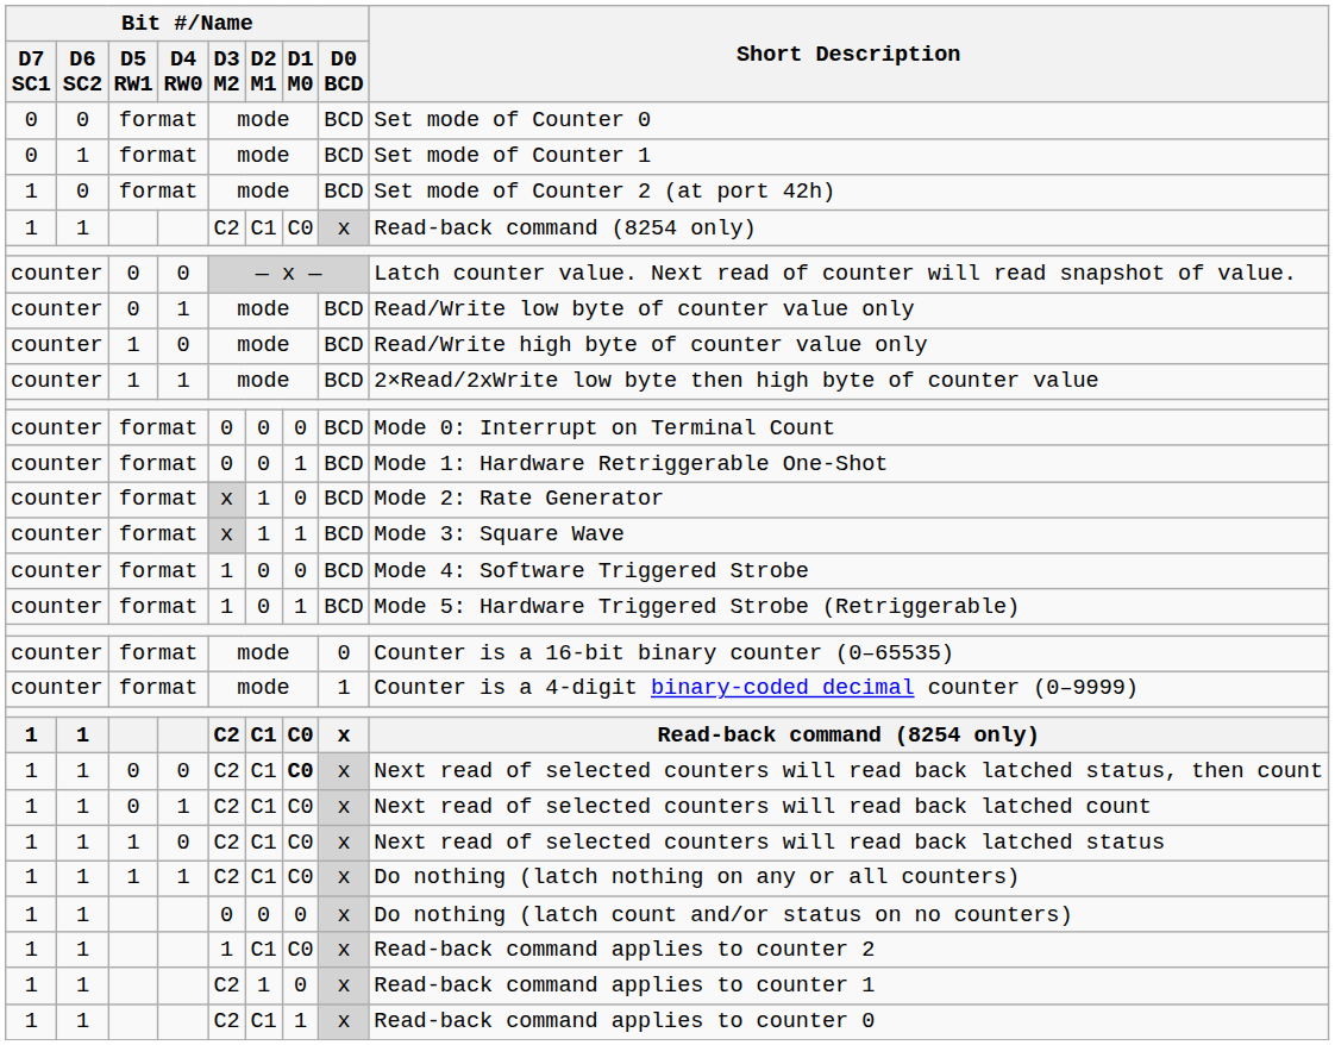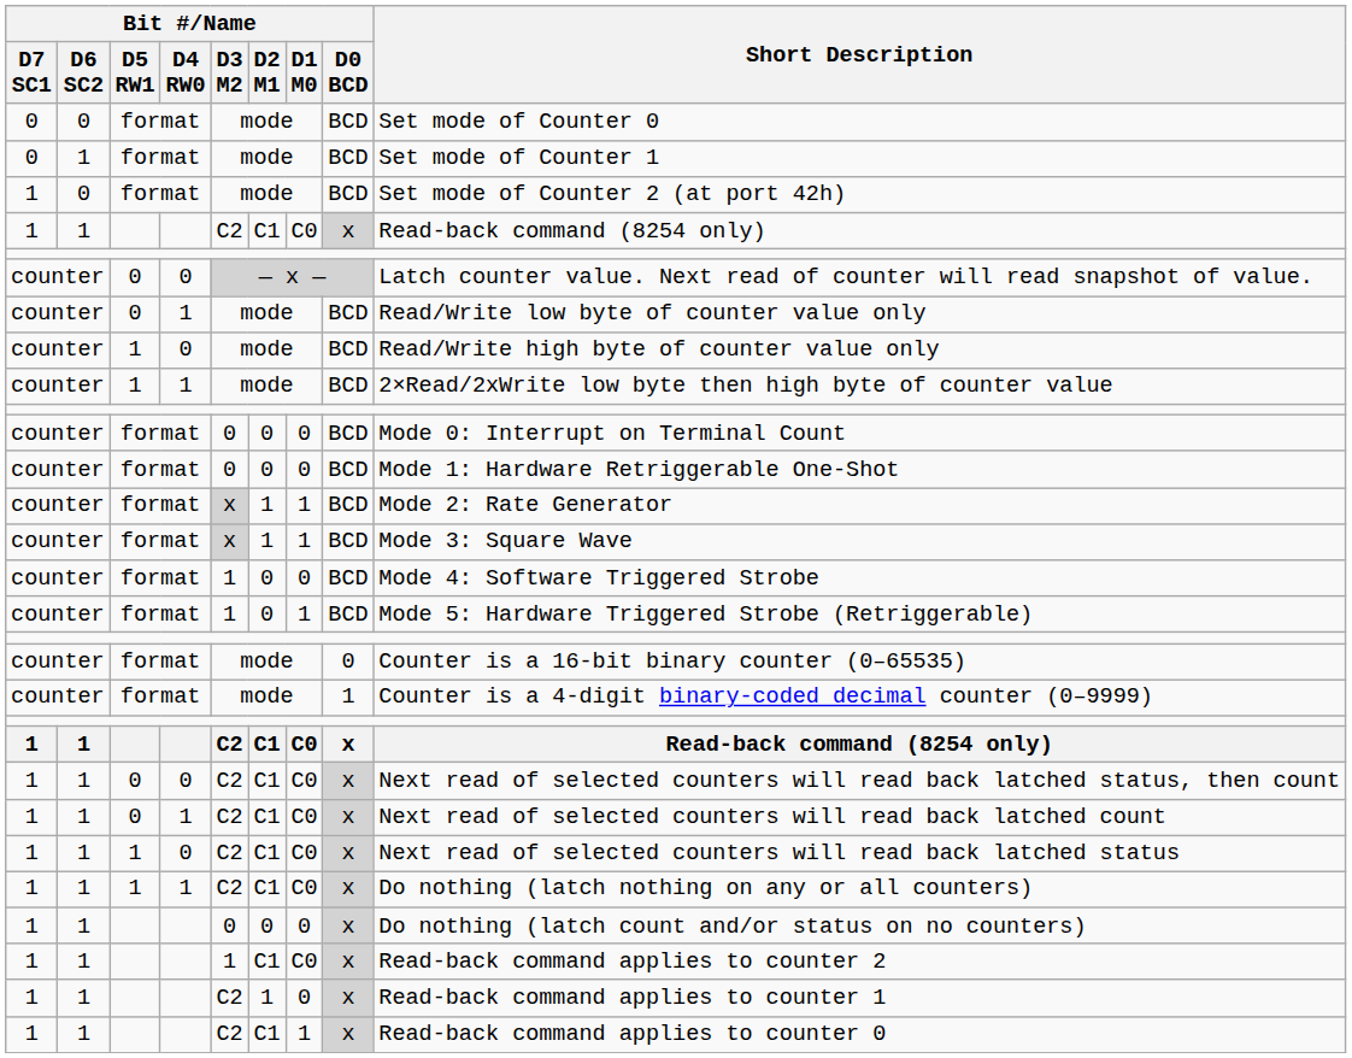 <table class="wikitable" style="text-align: center;">
 <tr>
 <th colspan=8>Bit #/Name</th>
 <th rowspan=2>Short Description</th>
 </tr>
 <tr>
 <th>D7<br>SC1</th>
 <th>D6<br>SC2</th>
 <th>D5<br>RW1</th>
 <th>D4<br>RW0</th>
 <th>D3<br>M2</th>
 <th>D2<br>M1</th>
 <th>D1<br>M0</th>
 <th>D0<br>BCD</th>
 </tr>
 <tr>
 <td>0</td>
 <td>0</td>
 <td colspan=2>format</td>
 <td colspan=3>mode</td>
 <td align=center>BCD</td>
 <td align=left>Set mode of Counter 0</td>
 </tr>
 <tr>
 <td>0</td>
 <td>1</td>
 <td colspan=2>format</td>
 <td colspan=3>mode</td>
 <td align=center>BCD</td>
 <td align=left>Set mode of Counter 1</td>
 </tr>
 <tr>
 <td>1</td>
 <td>0</td>
 <td colspan=2>format</td>
 <td colspan=3>mode</td>
 <td>BCD</td>
 <td align=left>Set mode of Counter 2 (at port 42h)</td>
 </tr>
 <tr>
 <td>1</td>
 <td>1</td>
 <td></td>
 <td></td>
 <td>C2</td>
 <td>C1</td>
 <td>C0</td>
 <td bgcolor=lightgrey>x</td>
 <td align=left>Read-back command (8254 only)</td>
 </tr>
 <tr>
 <td colspan=9></td>
 </tr>
 <tr>
 <td colspan=2>counter</td>
 <td>0</td>
 <td>0</td>
 <td colspan=4 bgcolor=lightgrey>— x —</td>
 <td align=left>Latch counter value.  Next read of counter will read snapshot of value.</td>
 </tr>
 <tr>
 <td colspan=2>counter</td>
 <td>0</td>
 <td>1</td>
 <td colspan=3>mode</td>
 <td>BCD</td>
 <td align=left>Read/Write low byte of counter value only</td>
 </tr>
 <tr>
 <td colspan=2>counter</td>
 <td>1</td>
 <td>0</td>
 <td colspan=3>mode</td>
 <td>BCD</td>
 <td align=left>Read/Write high byte of counter value only</td>
 </tr>
 <tr>
 <td colspan=2>counter</td>
 <td>1</td>
 <td>1</td>
 <td colspan=3>mode</td>
 <td>BCD</td>
 <td align=left>2×Read/2xWrite low byte then high byte of counter value</td>
 </tr>
 <tr>
 <td colspan=9></td>
 </tr>
 <tr>
 <td colspan=2>counter</td>
 <td colspan=2>format</td>
 <td>0</td>
 <td>0</td>
 <td>0</td>
 <td>BCD</td>
 <td align=left>Mode 0: Interrupt on Terminal Count</td>
 </tr>
 <tr>
 <td colspan=2>counter</td>
 <td colspan=2>format</td>
 <td>0</td>
 <td>0</td>
-<td>1</td>
+<td>0</td>
 <td>BCD</td>
 <td align=left>Mode 1: Hardware Retriggerable One-Shot</td>
 </tr>
 <tr>
 <td colspan=2>counter</td>
 <td colspan=2>format</td>
 <td bgcolor=lightgrey>x</td>
 <td>1</td>
-<td>0</td>
+<td>1</td>
 <td>BCD</td>
 <td align=left>Mode 2: Rate Generator</td>
 </tr>
 <tr>
 <td colspan=2>counter</td>
 <td colspan=2>format</td>
 <td bgcolor=lightgrey>x</td>
 <td>1</td>
 <td>1</td>
 <td>BCD</td>
 <td align=left>Mode 3: Square Wave</td>
 </tr>
 <tr>
 <td colspan=2>counter</td>
 <td colspan=2>format</td>
 <td>1</td>
 <td>0</td>
 <td>0</td>
 <td>BCD</td>
 <td align=left>Mode 4: Software Triggered Strobe</td>
 </tr>
 <tr>
 <td colspan=2>counter</td>
 <td colspan=2>format</td>
 <td>1</td>
 <td>0</td>
 <td>1</td>
 <td>BCD</td>
 <td align=left>Mode 5: Hardware Triggered Strobe (Retriggerable)</td>
 </tr>
 <tr>
 <td colspan=9></td>
 </tr>
 <tr>
 <td colspan=2>counter</td>
 <td colspan=2>format</td>
 <td colspan=3>mode</td>
 <td>0</td>
 <td align=left>Counter is a 16-bit binary counter (0–65535)</td>
 </tr>
 <tr>
 <td colspan=2>counter</td>
 <td colspan=2>format</td>
 <td colspan=3>mode</td>
 <td>1</td>
 <td align=left>Counter is a 4-digit <a href='#'>binary-coded decimal</a> counter (0–9999)</td>
 </tr>
 <tr>
 <td colspan=9></td>
 </tr>
 <tr>
 <th>1</th>
 <th>1</th>
 <th></th>
 <th></th>
 <th>C2</th>
 <th>C1</th>
 <th>C0</th>
 <th bgcolor=lightgrey>x</th>
 <th>Read-back command (8254 only)</th>
 </tr>
 <tr>
 <td>1</td>
 <td>1</td>
 <td>0</td>
 <td>0</td>
 <td>C2</td>
 <td>C1</td>
-<td><strong>C0</strong></td>
+<td>C0</td>
 <td bgcolor=lightgrey>x</td>
 <td align=left>Next read of selected counters will read back latched status, then count</td>
 </tr>
 <tr>
 <td>1</td>
 <td>1</td>
 <td>0</td>
 <td>1</td>
 <td>C2</td>
 <td>C1</td>
 <td>C0</td>
 <td bgcolor=lightgrey>x</td>
 <td align=left>Next read of selected counters will read back latched count</td>
 </tr>
 <tr>
 <td>1</td>
 <td>1</td>
 <td>1</td>
 <td>0</td>
 <td>C2</td>
 <td>C1</td>
 <td>C0</td>
 <td bgcolor=lightgrey>x</td>
 <td align=left>Next read of selected counters will read back latched status</td>
 </tr>
 <tr>
 <td>1</td>
 <td>1</td>
 <td>1</td>
 <td>1</td>
 <td>C2</td>
 <td>C1</td>
 <td>C0</td>
 <td bgcolor=lightgrey>x</td>
 <td align=left>Do nothing (latch nothing on any or all counters)</td>
 </tr>
 <tr>
 <td>1</td>
 <td>1</td>
 <td></td>
 <td></td>
 <td>0</td>
 <td>0</td>
 <td>0</td>
 <td bgcolor=lightgrey>x</td>
 <td align=left>Do nothing (latch count and/or status on no counters)</td>
 </tr>
 <tr>
 <td>1</td>
 <td>1</td>
 <td></td>
 <td></td>
 <td>1</td>
 <td>C1</td>
 <td>C0</td>
 <td bgcolor=lightgrey>x</td>
 <td align=left>Read-back command applies to counter 2</td>
 </tr>
 <tr>
 <td>1</td>
 <td>1</td>
 <td></td>
 <td></td>
 <td>C2</td>
 <td>1</td>
 <td>0</td>
 <td bgcolor=lightgrey>x</td>
 <td align=left>Read-back command applies to counter 1</td>
 </tr>
 <tr>
 <td>1</td>
 <td>1</td>
 <td></td>
 <td></td>
 <td>C2</td>
 <td>C1</td>
 <td>1</td>
 <td bgcolor=lightgrey>x</td>
 <td align=left>Read-back command applies to counter 0</td>
 </tr>
 </table>
